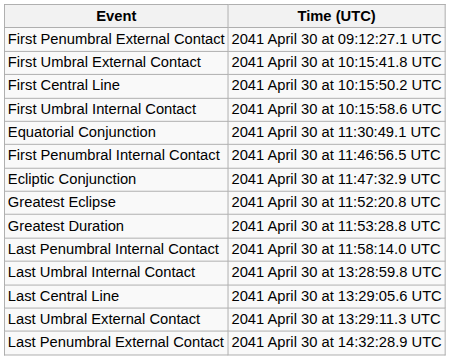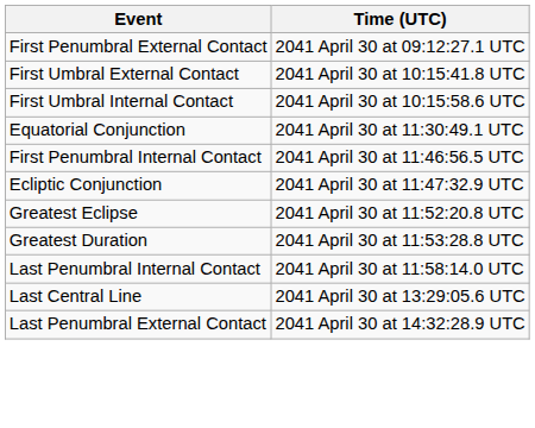 <table class="wikitable">
 <tr>
 <th>Event</th>
 <th>Time (UTC)</th>
 </tr>
 <tr>
 <td>First Penumbral External Contact</td>
 <td>2041 April 30 at 09:12:27.1 UTC</td>
 </tr>
 <tr>
 <td>First Umbral External Contact</td>
 <td>2041 April 30 at 10:15:41.8 UTC</td>
-</tr>
-<tr>
-<td>First Central Line</td>
-<td>2041 April 30 at 10:15:50.2 UTC</td>
 </tr>
 <tr>
 <td>First Umbral Internal Contact</td>
 <td>2041 April 30 at 10:15:58.6 UTC</td>
 </tr>
 <tr>
 <td>Equatorial Conjunction</td>
 <td>2041 April 30 at 11:30:49.1 UTC</td>
 </tr>
 <tr>
 <td>First Penumbral Internal Contact</td>
 <td>2041 April 30 at 11:46:56.5 UTC</td>
 </tr>
 <tr>
 <td>Ecliptic Conjunction</td>
 <td>2041 April 30 at 11:47:32.9 UTC</td>
 </tr>
 <tr>
 <td>Greatest Eclipse</td>
 <td>2041 April 30 at 11:52:20.8 UTC</td>
 </tr>
 <tr>
 <td>Greatest Duration</td>
 <td>2041 April 30 at 11:53:28.8 UTC</td>
 </tr>
 <tr>
 <td>Last Penumbral Internal Contact</td>
 <td>2041 April 30 at 11:58:14.0 UTC</td>
 </tr>
 <tr>
-<td>Last Umbral Internal Contact</td>
-<td>2041 April 30 at 13:28:59.8 UTC</td>
-</tr>
-<tr>
 <td>Last Central Line</td>
 <td>2041 April 30 at 13:29:05.6 UTC</td>
-</tr>
-<tr>
-<td>Last Umbral External Contact</td>
-<td>2041 April 30 at 13:29:11.3 UTC</td>
 </tr>
 <tr>
 <td>Last Penumbral External Contact</td>
 <td>2041 April 30 at 14:32:28.9 UTC</td>
 </tr>
 </table>
